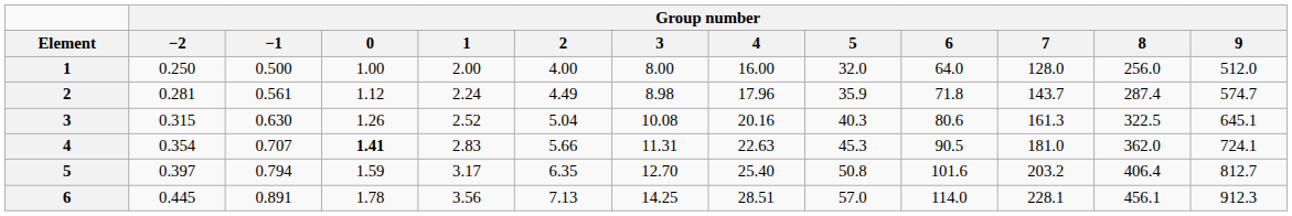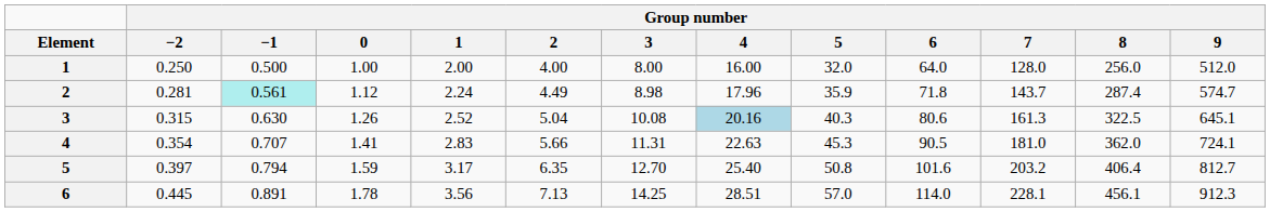 <table class="wikitable" style="text-align:center; width:100%">
 <tr>
 <td></td>
 <th colspan="12">Group number</th>
 </tr>
 <tr>
 <th style="width: 9%;">Element</th>
 <th style="width: 7%;">−2</th>
 <th style="width: 7%;">−1</th>
 <th style="width: 7%;">0</th>
 <th style="width: 7%;">1</th>
 <th style="width: 7%;">2</th>
 <th style="width: 7%;">3</th>
 <th style="width: 7%;">4</th>
 <th style="width: 7%;">5</th>
 <th style="width: 7%;">6</th>
 <th style="width: 7%;">7</th>
 <th style="width: 7%;">8</th>
 <th style="width: 7%;">9</th>
 </tr>
 <tr>
 <th>1</th>
 <td>0.250</td>
 <td>0.500</td>
 <td>1.00</td>
 <td>2.00</td>
 <td>4.00</td>
 <td>8.00</td>
 <td>16.00</td>
 <td>32.0</td>
 <td>64.0</td>
 <td>128.0</td>
 <td>256.0</td>
 <td>512.0</td>
 </tr>
 <tr>
 <th>2</th>
 <td>0.281</td>
-<td>0.561</td>
+<td style="background: paleturquoise;">0.561</td>
 <td>1.12</td>
 <td>2.24</td>
 <td>4.49</td>
 <td>8.98</td>
 <td>17.96</td>
 <td>35.9</td>
 <td>71.8</td>
 <td>143.7</td>
 <td>287.4</td>
 <td>574.7</td>
 </tr>
 <tr>
 <th>3</th>
 <td>0.315</td>
 <td>0.630</td>
 <td>1.26</td>
 <td>2.52</td>
 <td>5.04</td>
 <td>10.08</td>
-<td>20.16</td>
+<td style="background: lightblue;">20.16</td>
 <td>40.3</td>
 <td>80.6</td>
 <td>161.3</td>
 <td>322.5</td>
 <td>645.1</td>
 </tr>
 <tr>
 <th>4</th>
 <td>0.354</td>
 <td>0.707</td>
-<td><strong>1.41</strong></td>
+<td>1.41</td>
 <td>2.83</td>
 <td>5.66</td>
 <td>11.31</td>
 <td>22.63</td>
 <td>45.3</td>
 <td>90.5</td>
 <td>181.0</td>
 <td>362.0</td>
 <td>724.1</td>
 </tr>
 <tr>
 <th>5</th>
 <td>0.397</td>
 <td>0.794</td>
 <td>1.59</td>
 <td>3.17</td>
 <td>6.35</td>
 <td>12.70</td>
 <td>25.40</td>
 <td>50.8</td>
 <td>101.6</td>
 <td>203.2</td>
 <td>406.4</td>
 <td>812.7</td>
 </tr>
 <tr>
 <th>6</th>
 <td>0.445</td>
 <td>0.891</td>
 <td>1.78</td>
 <td>3.56</td>
 <td>7.13</td>
 <td>14.25</td>
 <td>28.51</td>
 <td>57.0</td>
 <td>114.0</td>
 <td>228.1</td>
 <td>456.1</td>
 <td>912.3</td>
 </tr>
 </table>
